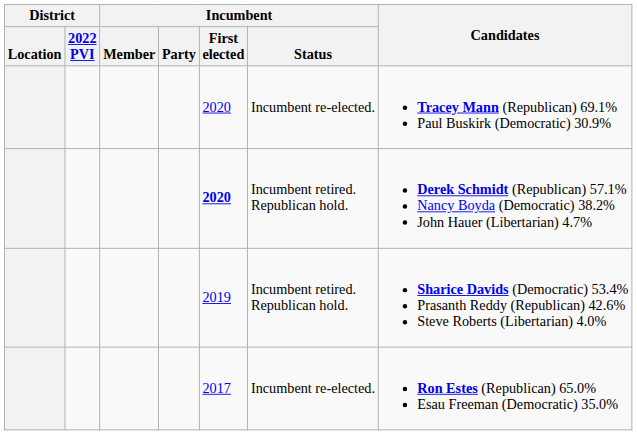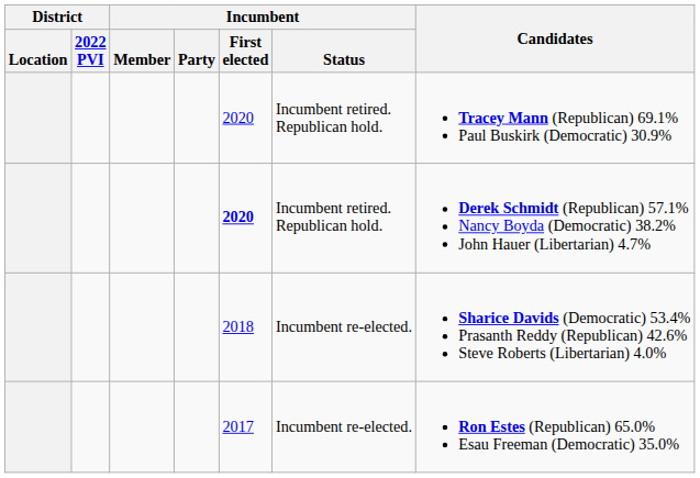 <table class="wikitable sortable">
 <tr>
 <th colspan=2>District</th>
 <th colspan=4>Incumbent</th>
 <th rowspan=2 class="unsortable">Candidates</th>
 </tr>
 <tr valign=bottom>
 <th>Location</th>
 <th><a href='#'>2022<br>PVI</a></th>
 <th>Member</th>
 <th>Party</th>
 <th>First<br>elected</th>
 <th>Status</th>
 </tr>
 <tr>
 <th></th>
 <td></td>
 <td></td>
 <td></td>
 <td><a href='#'>2020</a></td>
-<td>Incumbent re-elected.</td>
+<td>Incumbent retired.<br>Republican hold.</td>
 <td nowrap><br><ul><li> <strong><a href='#'>Tracey Mann</a></strong> (Republican) 69.1%</li><li>Paul Buskirk (Democratic) 30.9%</li></ul></td>
 </tr>
 <tr>
 <th></th>
 <td></td>
 <td></td>
 <td></td>
 <td><strong><a href='#'>2020</a></strong></td>
 <td>Incumbent retired.<br>Republican hold.</td>
 <td nowrap><br><ul><li> <strong><a href='#'>Derek Schmidt</a></strong> (Republican) 57.1%</li><li><a href='#'>Nancy Boyda</a> (Democratic) 38.2%</li><li>John Hauer (Libertarian) 4.7%</li></ul></td>
 </tr>
 <tr>
 <th></th>
 <td></td>
 <td></td>
 <td></td>
-<td><a href='#'>2019</a></td>
-<td>Incumbent retired.<br>Republican hold.</td>
+<td><a href='#'>2018</a></td>
+<td>Incumbent re-elected.</td>
 <td nowrap><br><ul><li> <strong><a href='#'>Sharice Davids</a></strong> (Democratic) 53.4%</li><li>Prasanth Reddy (Republican) 42.6%</li><li>Steve Roberts (Libertarian) 4.0%</li></ul></td>
 </tr>
 <tr>
 <th></th>
 <td></td>
 <td></td>
 <td></td>
 <td><a href='#'>2017 </a></td>
 <td>Incumbent re-elected.</td>
 <td nowrap><br><ul><li> <strong><a href='#'>Ron Estes</a></strong> (Republican) 65.0%</li><li>Esau Freeman (Democratic) 35.0%</li></ul></td>
 </tr>
 </table>
